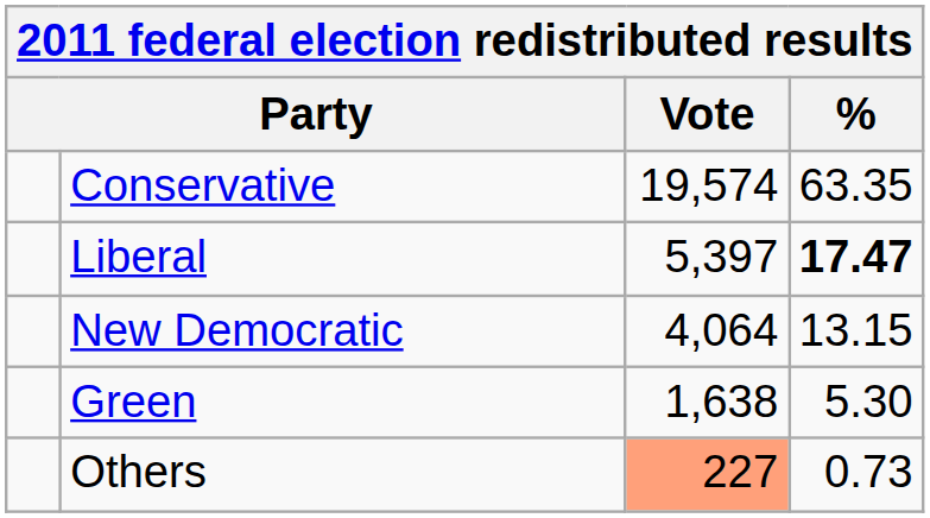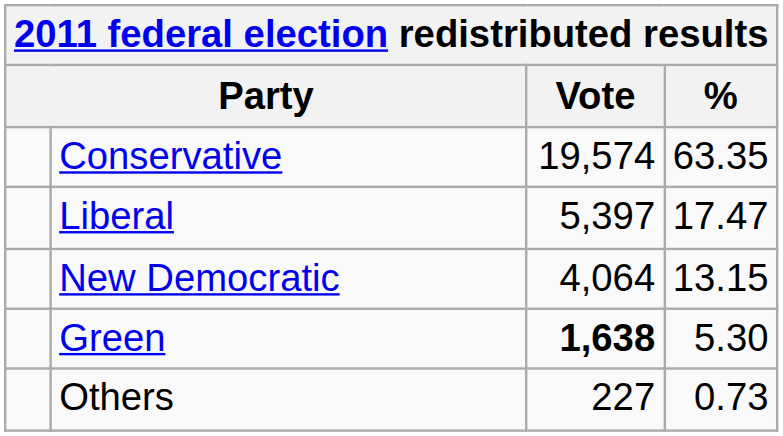 <table class="wikitable">
 <tr>
 <th colspan="4"><a href='#'>2011 federal election</a> redistributed results</th>
 </tr>
 <tr>
 <th bgcolor="#DDDDFF" width="130px" colspan="2">Party</th>
 <th bgcolor="#DDDDFF" width="50px">Vote</th>
 <th bgcolor="#DDDDFF" width="30px">%</th>
 </tr>
 <tr>
 <td> </td>
 <td><a href='#'>Conservative</a></td>
 <td align=right>19,574</td>
 <td align=right>63.35</td>
 </tr>
 <tr>
 <td> </td>
 <td><a href='#'>Liberal</a></td>
 <td align=right>5,397</td>
-<td align=right><strong>17.47</strong></td>
+<td align=right>17.47</td>
 </tr>
 <tr>
 <td> </td>
 <td><a href='#'>New Democratic</a></td>
 <td align=right>4,064</td>
 <td align=right>13.15</td>
 </tr>
 <tr>
 <td> </td>
 <td><a href='#'>Green</a></td>
-<td align=right>1,638</td>
+<td align=right><strong>1,638</strong></td>
 <td align=right>5.30</td>
 </tr>
 <tr>
 <td> </td>
 <td>Others</td>
-<td align=right style="background: lightsalmon;">227</td>
+<td align=right>227</td>
 <td align=right>0.73</td>
 </tr>
 </table>
